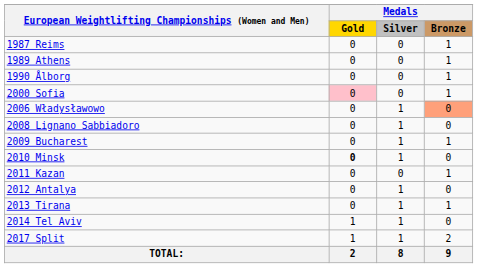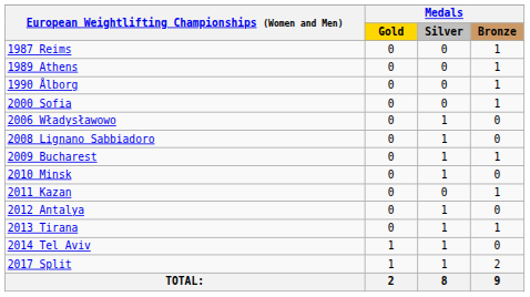 <table class="wikitable collapsible collapsed" cellspacing="2" style="margin-top:7px; margin-right:0; text-align:center; font-size:90%;">
 <tr style="font-size:100%; text-align:right;">
 </tr>
 <tr>
 <th rowspan=2 style="width:390px;"><a href='#'>European Weightlifting Championships</a> <small>(Women and Men)</small></th>
 <th colspan=3><a href='#'>Medals</a></th>
 </tr>
 <tr>
 <th style="background:gold; width:4.5em; font-weight:bold;">Gold</th>
 <th style="background:silver; width:4.5em; font-weight:bold;">Silver</th>
 <th style="background:#cc9966; width:4.5em; font-weight:bold;">Bronze</th>
 </tr>
 <tr>
 <td align=left> <a href='#'>1987 Reims</a></td>
 <td>0</td>
 <td>0</td>
 <td>1</td>
 </tr>
 <tr>
 <td align=left> <a href='#'>1989 Athens</a></td>
 <td>0</td>
 <td>0</td>
 <td>1</td>
 </tr>
 <tr>
 <td align=left> <a href='#'>1990 Ålborg</a></td>
 <td>0</td>
 <td>0</td>
 <td>1</td>
 </tr>
 <tr>
 <td align=left> <a href='#'>2000 Sofia</a></td>
-<td style="background: pink;">0</td>
+<td>0</td>
 <td>0</td>
 <td>1</td>
 </tr>
 <tr>
 <td align=left> <a href='#'>2006 Władysławowo</a></td>
 <td>0</td>
 <td>1</td>
-<td style="background: lightsalmon;">0</td>
+<td>0</td>
 </tr>
 <tr>
 <td align=left> <a href='#'>2008 Lignano Sabbiadoro</a></td>
 <td>0</td>
 <td>1</td>
 <td>0</td>
 </tr>
 <tr>
 <td align=left> <a href='#'>2009 Bucharest</a></td>
 <td>0</td>
 <td>1</td>
 <td>1</td>
 </tr>
 <tr>
 <td align=left> <a href='#'>2010 Minsk</a></td>
-<td><strong>0</strong></td>
+<td>0</td>
 <td>1</td>
 <td>0</td>
 </tr>
 <tr>
 <td align=left> <a href='#'>2011 Kazan</a></td>
 <td>0</td>
 <td>0</td>
 <td>1</td>
 </tr>
 <tr>
 <td align=left> <a href='#'>2012 Antalya</a></td>
 <td>0</td>
 <td>1</td>
 <td>0</td>
 </tr>
 <tr>
 <td align=left> <a href='#'>2013 Tirana</a></td>
 <td>0</td>
 <td>1</td>
 <td>1</td>
 </tr>
 <tr>
 <td align=left> <a href='#'>2014 Tel Aviv</a></td>
 <td>1</td>
 <td>1</td>
 <td>0</td>
 </tr>
 <tr>
 <td align=left> <a href='#'>2017 Split</a></td>
 <td>1</td>
 <td>1</td>
 <td>2</td>
 </tr>
 <tr>
 <th>TOTAL:</th>
 <th>2</th>
 <th>8</th>
 <th>9</th>
 </tr>
 </table>
